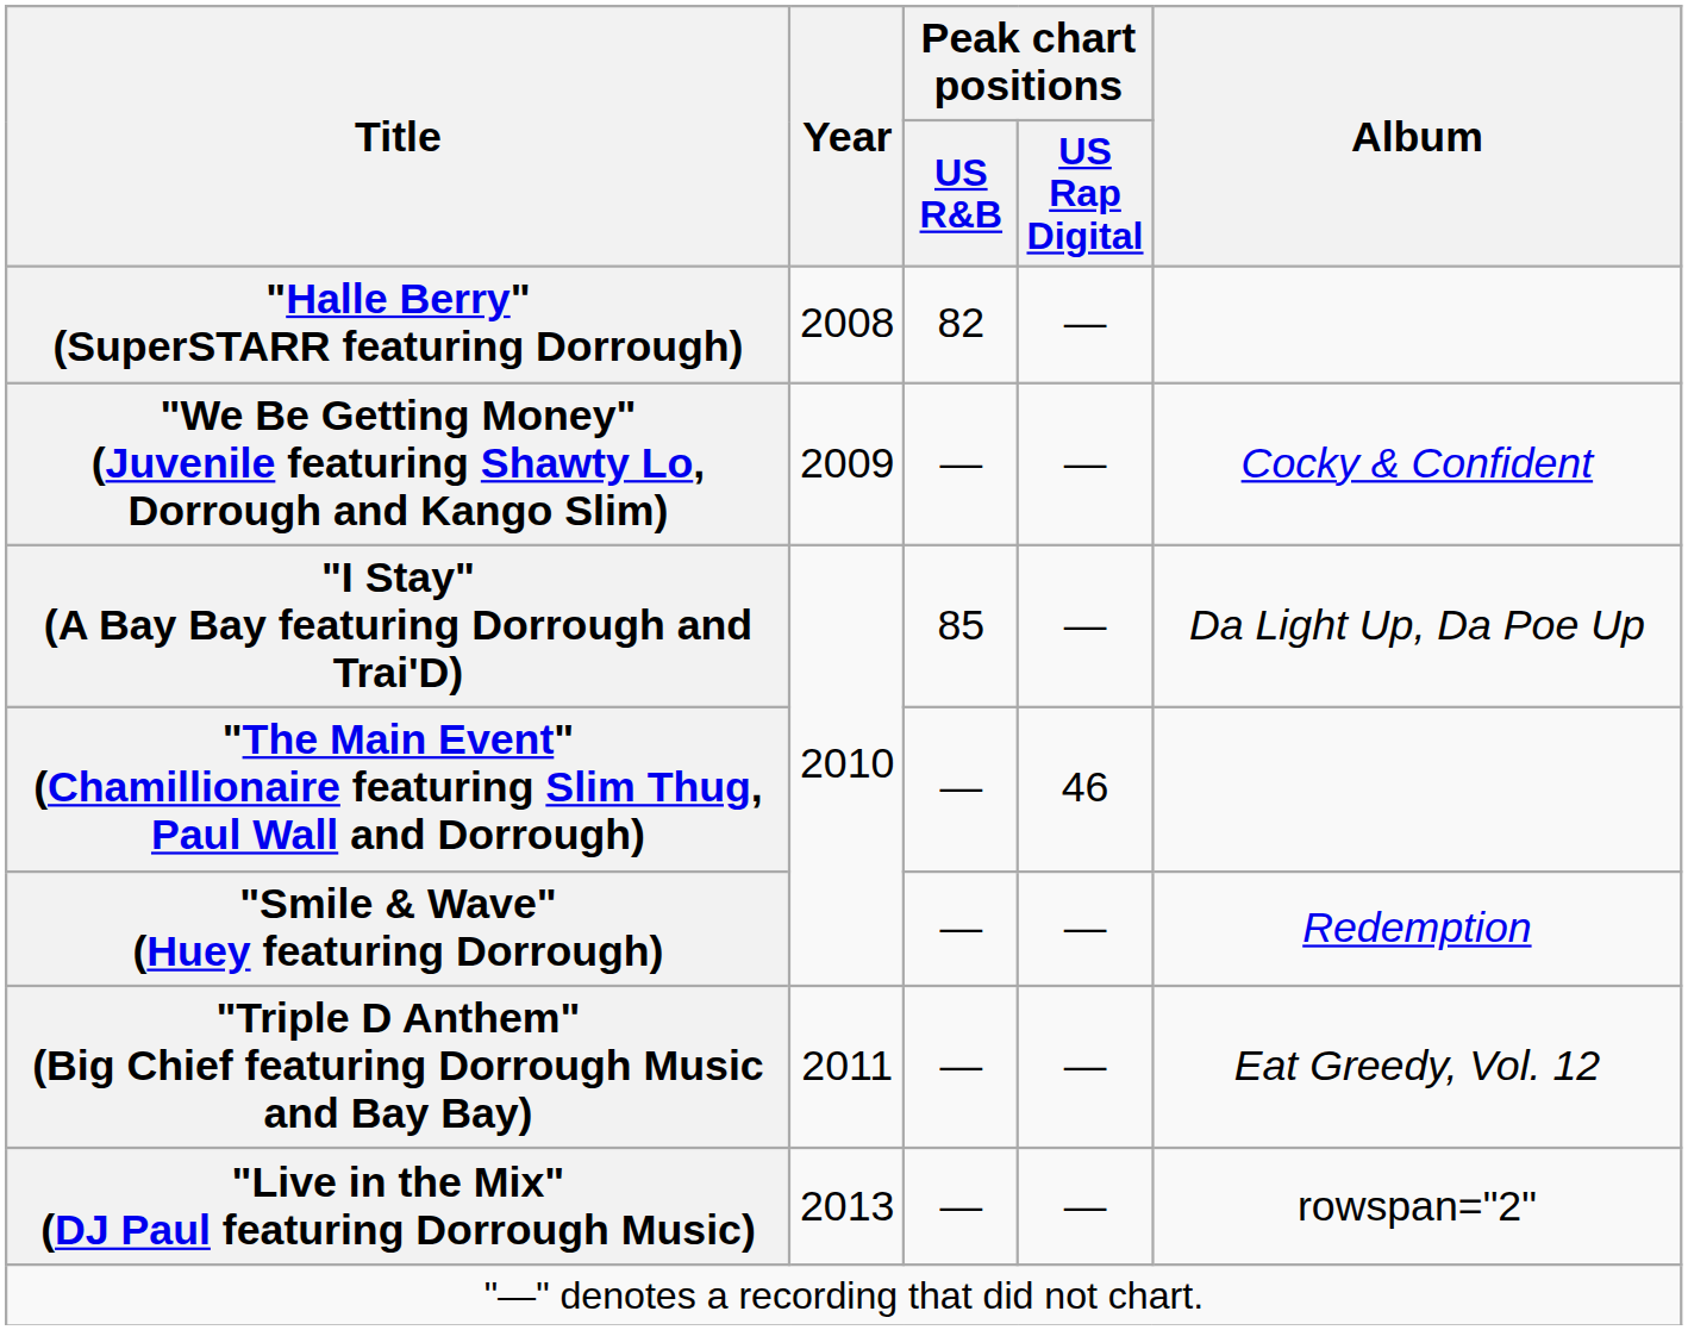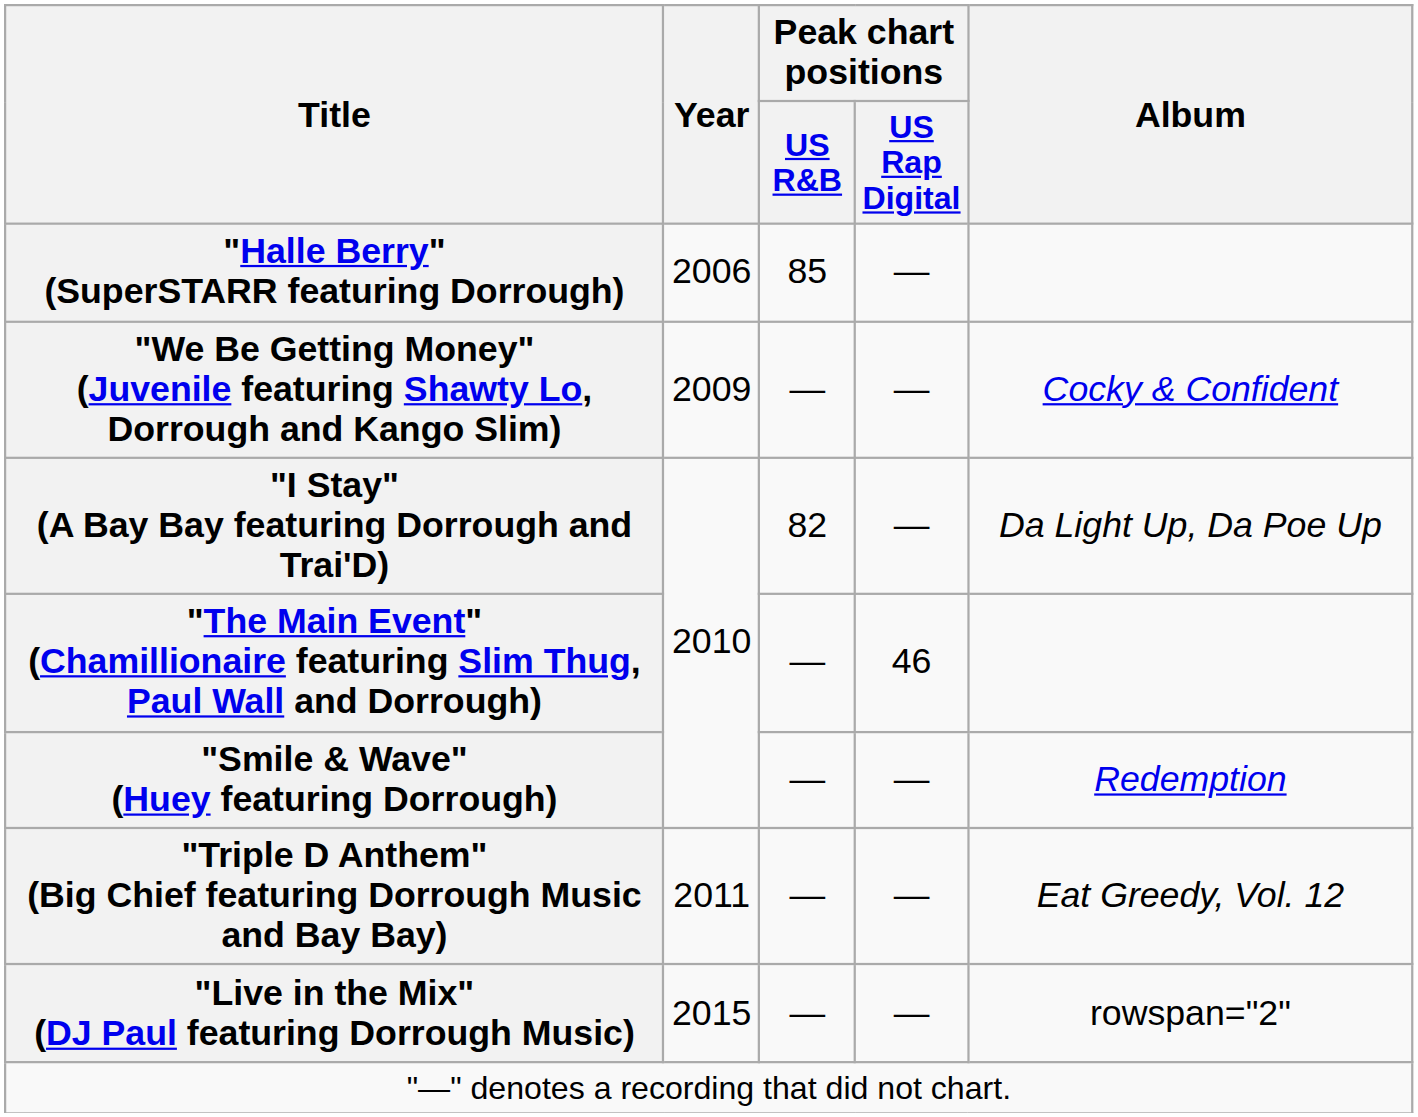 <table class="wikitable plainrowheaders" style="text-align:center;">
 <tr>
 <th scope="col" rowspan="2" style="width:18em;">Title</th>
 <th scope="col" rowspan="2" style="width:1em;">Year</th>
 <th scope="col" colspan="2">Peak chart positions</th>
 <th scope="col" rowspan="2" style="width:12em;">Album</th>
 </tr>
 <tr>
 <th scope="col" style="width:2.5em;font-size:90%;"><a href='#'>US<br>R&B</a><br></th>
 <th scope="col" style="width:2.5em;font-size:90%;"><a href='#'>US<br>Rap<br>Digital</a><br></th>
 </tr>
 <tr>
 <th scope="row">"<a href='#'>Halle Berry</a>"<br><span>(SuperSTARR featuring Dorrough)</span></th>
-<td>2008</td>
-<td>82</td>
+<td>2006</td>
+<td>85</td>
 <td>—</td>
 <td></td>
 </tr>
 <tr>
 <th scope="row">"We Be Getting Money"<br><span>(<a href='#'>Juvenile</a> featuring <a href='#'>Shawty Lo</a>, Dorrough and Kango Slim)</span></th>
 <td>2009</td>
 <td>—</td>
 <td>—</td>
 <td><em><a href='#'>Cocky & Confident</a></em></td>
 </tr>
 <tr>
 <th scope="row">"I Stay"<br><span>(A Bay Bay featuring Dorrough and Trai'D)</span></th>
 <td rowspan="3">2010</td>
-<td>85</td>
+<td>82</td>
 <td>—</td>
 <td><em>Da Light Up, Da Poe Up</em></td>
 </tr>
 <tr>
 <th scope="row">"<a href='#'>The Main Event</a>"<br><span>(<a href='#'>Chamillionaire</a> featuring <a href='#'>Slim Thug</a>, <a href='#'>Paul Wall</a> and Dorrough)</span></th>
 <td>—</td>
 <td>46</td>
 </tr>
 <tr>
 <th scope="row">"Smile & Wave"<br><span>(<a href='#'>Huey</a> featuring Dorrough)</span></th>
 <td>—</td>
 <td>—</td>
 <td><em><a href='#'>Redemption</a></em></td>
 </tr>
 <tr>
 <th scope="row">"Triple D Anthem"<br><span>(Big Chief featuring Dorrough Music and Bay Bay)</span></th>
 <td>2011</td>
 <td>—</td>
 <td>—</td>
 <td><em>Eat Greedy, Vol. 12</em></td>
 </tr>
 <tr>
 <th scope="row">"Live in the Mix"<br><span>(<a href='#'>DJ Paul</a> featuring Dorrough Music)</span></th>
-<td>2013</td>
+<td>2015</td>
 <td>—</td>
 <td>—</td>
 <td>rowspan="2" </td>
 </tr>
 <tr>
 <td colspan="14" style="font-size:90%">"—" denotes a recording that did not chart.</td>
 </tr>
 </table>
